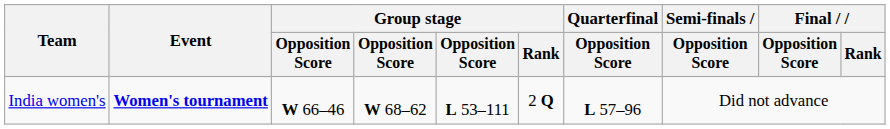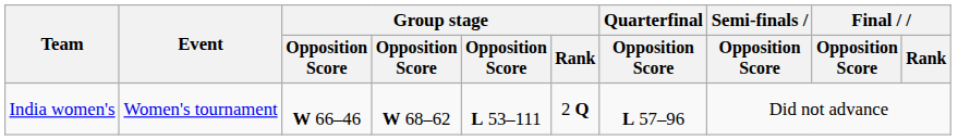 <table class=wikitable style=font-size:90%;text-align:center>
 <tr>
 <th rowspan=2>Team</th>
 <th rowspan=2>Event</th>
 <th colspan=4>Group stage</th>
 <th>Quarterfinal</th>
 <th>Semi-finals / </th>
 <th colspan=2>Final /  / </th>
 </tr>
 <tr style="font-size:95%">
 <th>Opposition<br>Score</th>
 <th>Opposition<br>Score</th>
 <th>Opposition<br>Score</th>
 <th>Rank</th>
 <th>Opposition<br>Score</th>
 <th>Opposition<br>Score</th>
 <th>Opposition<br>Score</th>
 <th>Rank</th>
 </tr>
 <tr>
 <td align=left><a href='#'>India women's</a></td>
-<td align=left><strong><a href='#'>Women's tournament</a></strong></td>
+<td align=left><a href='#'>Women's tournament</a></td>
 <td><br><strong>W</strong> 66–46</td>
 <td><br><strong>W</strong> 68–62</td>
 <td><br><strong>L</strong> 53–111</td>
 <td>2 <strong>Q</strong></td>
 <td><br><strong>L</strong> 57–96</td>
 <td colspan="3">Did not advance</td>
 </tr>
 </table>
